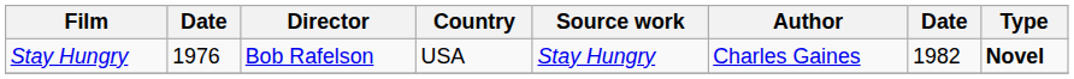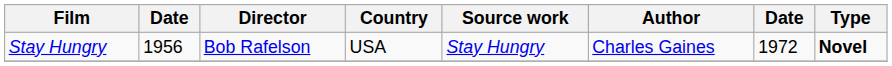 <table class="wikitable" style=width:90%>
 <tr style="background:#CCCCCC;">
 <th>Film</th>
 <th>Date</th>
 <th>Director</th>
 <th>Country</th>
 <th>Source work</th>
 <th>Author</th>
 <th>Date</th>
 <th>Type</th>
 </tr>
 <tr>
 <td><em><a href='#'>Stay Hungry</a></em></td>
-<td>1976</td>
+<td>1956</td>
 <td><a href='#'>Bob Rafelson</a></td>
 <td>USA</td>
 <td><em><a href='#'>Stay Hungry</a></em></td>
 <td><a href='#'>Charles Gaines</a></td>
-<td>1982</td>
+<td>1972</td>
 <td><strong>Novel</strong></td>
 </tr>
 <tr>
 </tr>
 </table>
